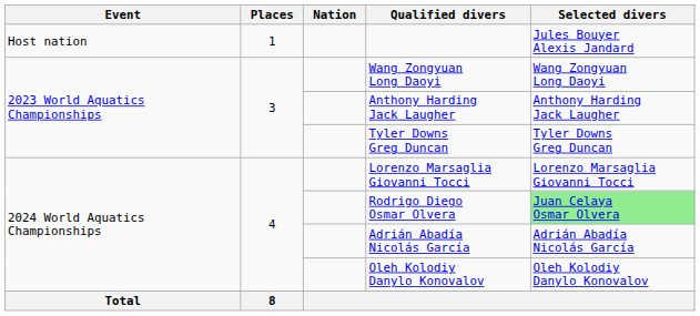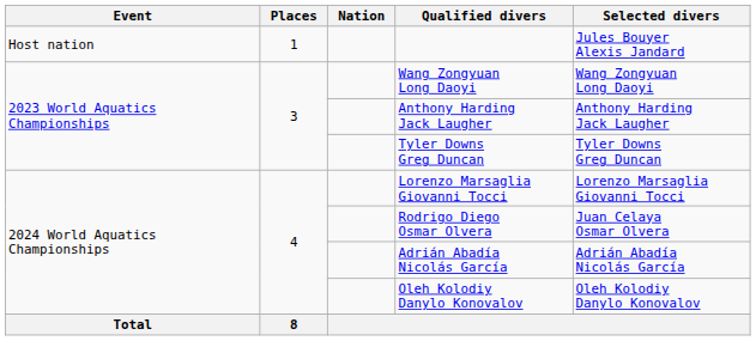 <table class="wikitable" width=750>
 <tr>
 <th width=250>Event</th>
 <th>Places</th>
 <th>Nation</th>
 <th>Qualified divers</th>
 <th>Selected divers</th>
 </tr>
 <tr>
 <td>Host nation</td>
 <td align=center>1</td>
 <td></td>
 <td></td>
 <td><a href='#'>Jules Bouyer</a><br><a href='#'>Alexis Jandard</a></td>
 </tr>
 <tr>
 <td rowspan=3><a href='#'>2023 World Aquatics Championships</a></td>
 <td rowspan=3 align=center>3</td>
 <td></td>
 <td><a href='#'>Wang Zongyuan</a><br><a href='#'>Long Daoyi</a></td>
 <td><a href='#'>Wang Zongyuan</a><br><a href='#'>Long Daoyi</a></td>
 </tr>
 <tr>
 <td></td>
 <td><a href='#'>Anthony Harding</a><br><a href='#'>Jack Laugher</a></td>
 <td><a href='#'>Anthony Harding</a><br><a href='#'>Jack Laugher</a></td>
 </tr>
 <tr>
 <td></td>
 <td><a href='#'>Tyler Downs</a><br><a href='#'>Greg Duncan</a></td>
 <td><a href='#'>Tyler Downs</a><br><a href='#'>Greg Duncan</a></td>
 </tr>
 <tr>
 <td rowspan=4>2024 World Aquatics Championships</td>
 <td rowspan=4 align=center>4</td>
 <td></td>
 <td><a href='#'>Lorenzo Marsaglia</a><br><a href='#'>Giovanni Tocci</a></td>
 <td><a href='#'>Lorenzo Marsaglia</a><br><a href='#'>Giovanni Tocci</a></td>
 </tr>
 <tr>
 <td></td>
 <td><a href='#'>Rodrigo Diego</a><br><a href='#'>Osmar Olvera</a></td>
-<td style="background: lightgreen;"><a href='#'>Juan Celaya</a><br><a href='#'>Osmar Olvera</a></td>
+<td><a href='#'>Juan Celaya</a><br><a href='#'>Osmar Olvera</a></td>
 </tr>
 <tr>
 <td></td>
 <td><a href='#'>Adrián Abadía</a><br><a href='#'>Nicolás García</a></td>
 <td><a href='#'>Adrián Abadía</a><br><a href='#'>Nicolás García</a></td>
 </tr>
 <tr>
 <td></td>
 <td><a href='#'>Oleh Kolodiy</a><br><a href='#'>Danylo Konovalov</a></td>
 <td><a href='#'>Oleh Kolodiy</a><br><a href='#'>Danylo Konovalov</a></td>
 </tr>
 <tr>
 <th>Total</th>
 <th>8</th>
 <th colspan=3></th>
 </tr>
 </table>
